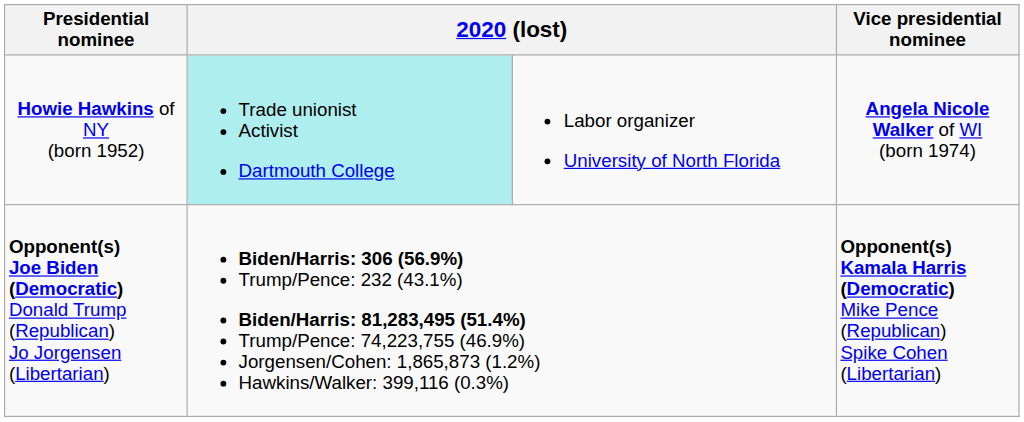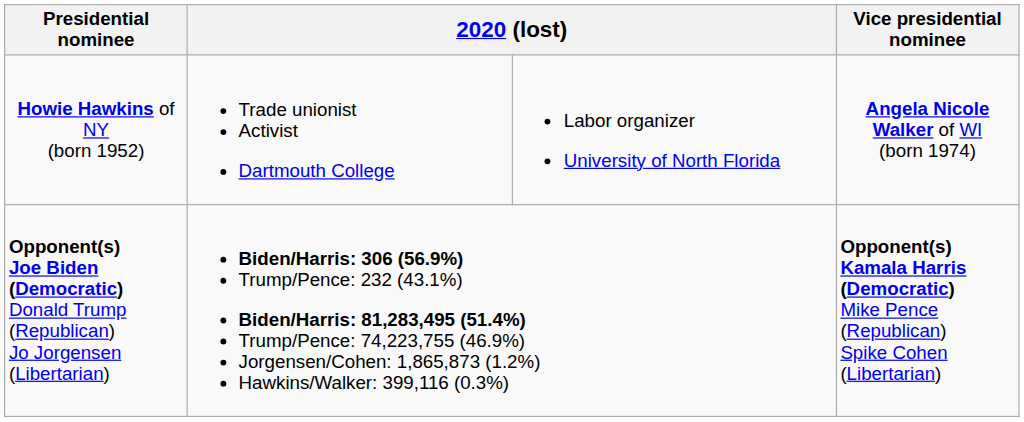 <table class="wikitable">
 <tr>
 <th width=175>Presidential<br>nominee</th>
 <th colspan=2><big><a href='#'>2020</a> (lost)</big></th>
 <th width=175>Vice presidential<br>nominee</th>
 </tr>
 <tr>
 <td style="text-align:center;"><strong><a href='#'>Howie Hawkins</a></strong> of <a href='#'>NY</a><br>(born 1952)<br></td>
-<td width=350 style="background: paleturquoise;"><br><ul><li>Trade unionist</li><li>Activist</li></ul><ul><li><a href='#'>Dartmouth College</a></li></ul></td>
+<td width=350><br><ul><li>Trade unionist</li><li>Activist</li></ul><ul><li><a href='#'>Dartmouth College</a></li></ul></td>
 <td width=350><br><ul><li>Labor organizer</li></ul><ul><li><a href='#'>University of North Florida</a></li></ul></td>
 <td style="text-align:center;"><strong><a href='#'>Angela Nicole Walker</a></strong> of <a href='#'>WI</a><br>(born 1974)<br></td>
 </tr>
 <tr>
 <td><strong>Opponent(s)</strong><br><strong><a href='#'>Joe Biden</a> (<a href='#'>Democratic</a>)</strong><br><a href='#'>Donald Trump</a> (<a href='#'>Republican</a>)<br><a href='#'>Jo Jorgensen</a> (<a href='#'>Libertarian</a>)</td>
 <td colspan=2><br><ul><li><strong>Biden/Harris: 306 (56.9%)</strong></li><li>Trump/Pence: 232 (43.1%)</li></ul><ul><li><strong>Biden/Harris: 81,283,495 (51.4%)</strong></li><li>Trump/Pence: 74,223,755 (46.9%)</li><li>Jorgensen/Cohen: 1,865,873 (1.2%)</li><li>Hawkins/Walker: 399,116 (0.3%)</li></ul></td>
 <td><strong>Opponent(s)</strong><br><strong><a href='#'>Kamala Harris</a> (<a href='#'>Democratic</a>)</strong><br><a href='#'>Mike Pence</a> (<a href='#'>Republican</a>)<br><a href='#'>Spike Cohen</a> (<a href='#'>Libertarian</a>)</td>
 </tr>
 </table>
